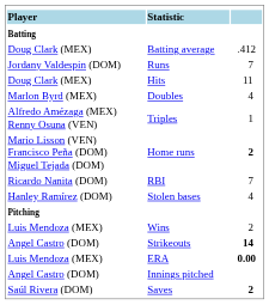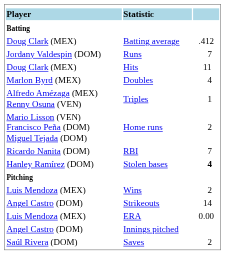 <table cellpadding="1" width="350px" style="font-size: 90%; border: 1px solid gray;">
 <tr align="center" style="font-size: larger;">
 <td colspan=6></td>
 </tr>
 <tr style="background:lightblue;">
 <td><strong>Player</strong></td>
 <td><strong>Statistic</strong></td>
 <td></td>
 </tr>
 <tr align="center" style="vertical-align: middle;" style="background:lightblue;">
 </tr>
 <tr>
 <td><small><strong>Batting</strong></small></td>
 </tr>
 <tr>
 <td><a href='#'>Doug Clark</a> (MEX)</td>
 <td><a href='#'>Batting average</a></td>
 <td>  .412</td>
 </tr>
 <tr>
 <td><a href='#'>Jordany Valdespin</a> (DOM)</td>
 <td><a href='#'>Runs</a></td>
 <td>      7</td>
 </tr>
 <tr>
 <td><a href='#'>Doug Clark</a> (MEX)</td>
 <td><a href='#'>Hits</a></td>
 <td>    11</td>
 </tr>
 <tr>
 <td><a href='#'>Marlon Byrd</a> (MEX)</td>
 <td><a href='#'>Doubles</a></td>
 <td>       4</td>
 </tr>
 <tr>
 <td><a href='#'>Alfredo Amézaga</a> (MEX)<br><a href='#'>Renny Osuna</a> (VEN)</td>
 <td><a href='#'>Triples</a></td>
 <td>      1</td>
 </tr>
 <tr>
 <td><a href='#'>Mario Lisson</a> (VEN)<br><a href='#'>Francisco Peña</a> (DOM)<br><a href='#'>Miguel Tejada</a> (DOM)</td>
 <td><a href='#'>Home runs</a></td>
-<td><strong>      2</strong></td>
+<td>      2</td>
 </tr>
 <tr>
 <td><a href='#'>Ricardo Nanita</a> (DOM)</td>
 <td><a href='#'>RBI</a></td>
 <td>      7</td>
 </tr>
 <tr>
 <td><a href='#'>Hanley Ramírez</a> (DOM)</td>
 <td><a href='#'>Stolen bases</a></td>
-<td>      4</td>
+<td><strong>      4</strong></td>
 </tr>
 <tr>
 <td><small><strong>Pitching</strong></small></td>
 </tr>
 <tr>
 <td><a href='#'>Luis Mendoza</a> (MEX)</td>
 <td><a href='#'>Wins</a></td>
 <td>      2</td>
 </tr>
 <tr>
 <td><a href='#'>Angel Castro</a> (DOM)</td>
 <td><a href='#'>Strikeouts</a></td>
-<td><strong>    14</strong></td>
+<td>    14</td>
 </tr>
 <tr>
 <td><a href='#'>Luis Mendoza</a> (MEX)</td>
 <td><a href='#'>ERA</a></td>
-<td><strong>  0.00</strong></td>
+<td>  0.00</td>
 </tr>
 <tr>
 <td><a href='#'>Angel Castro</a> (DOM)</td>
 <td><a href='#'>Innings pitched</a></td>
 <td>  </td>
 </tr>
 <tr>
 <td><a href='#'>Saúl Rivera</a> (DOM)</td>
 <td><a href='#'>Saves</a></td>
-<td><strong>      2</strong></td>
+<td>      2</td>
 </tr>
 </table>
